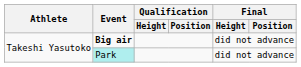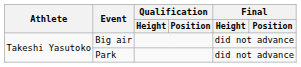 <table class=wikitable style="font-size:90%">
 <tr>
 <th rowspan="2">Athlete</th>
 <th rowspan="2">Event</th>
 <th colspan="2">Qualification</th>
 <th colspan="2">Final</th>
 </tr>
 <tr style="font-size:95%">
 <th>Height</th>
 <th>Position</th>
 <th>Height</th>
 <th>Position</th>
 </tr>
 <tr align=center>
 <td align=left rowspan=2>Takeshi Yasutoko</td>
-<td align=left><strong>Big air</strong></td>
+<td align=left>Big air</td>
 <td colspan=2></td>
 <td colspan=2>did not advance</td>
 </tr>
 <tr align=center>
-<td align=left style="background: paleturquoise;">Park</td>
+<td align=left>Park</td>
 <td colspan=2></td>
 <td colspan=2>did not advance</td>
 </tr>
 </table>
